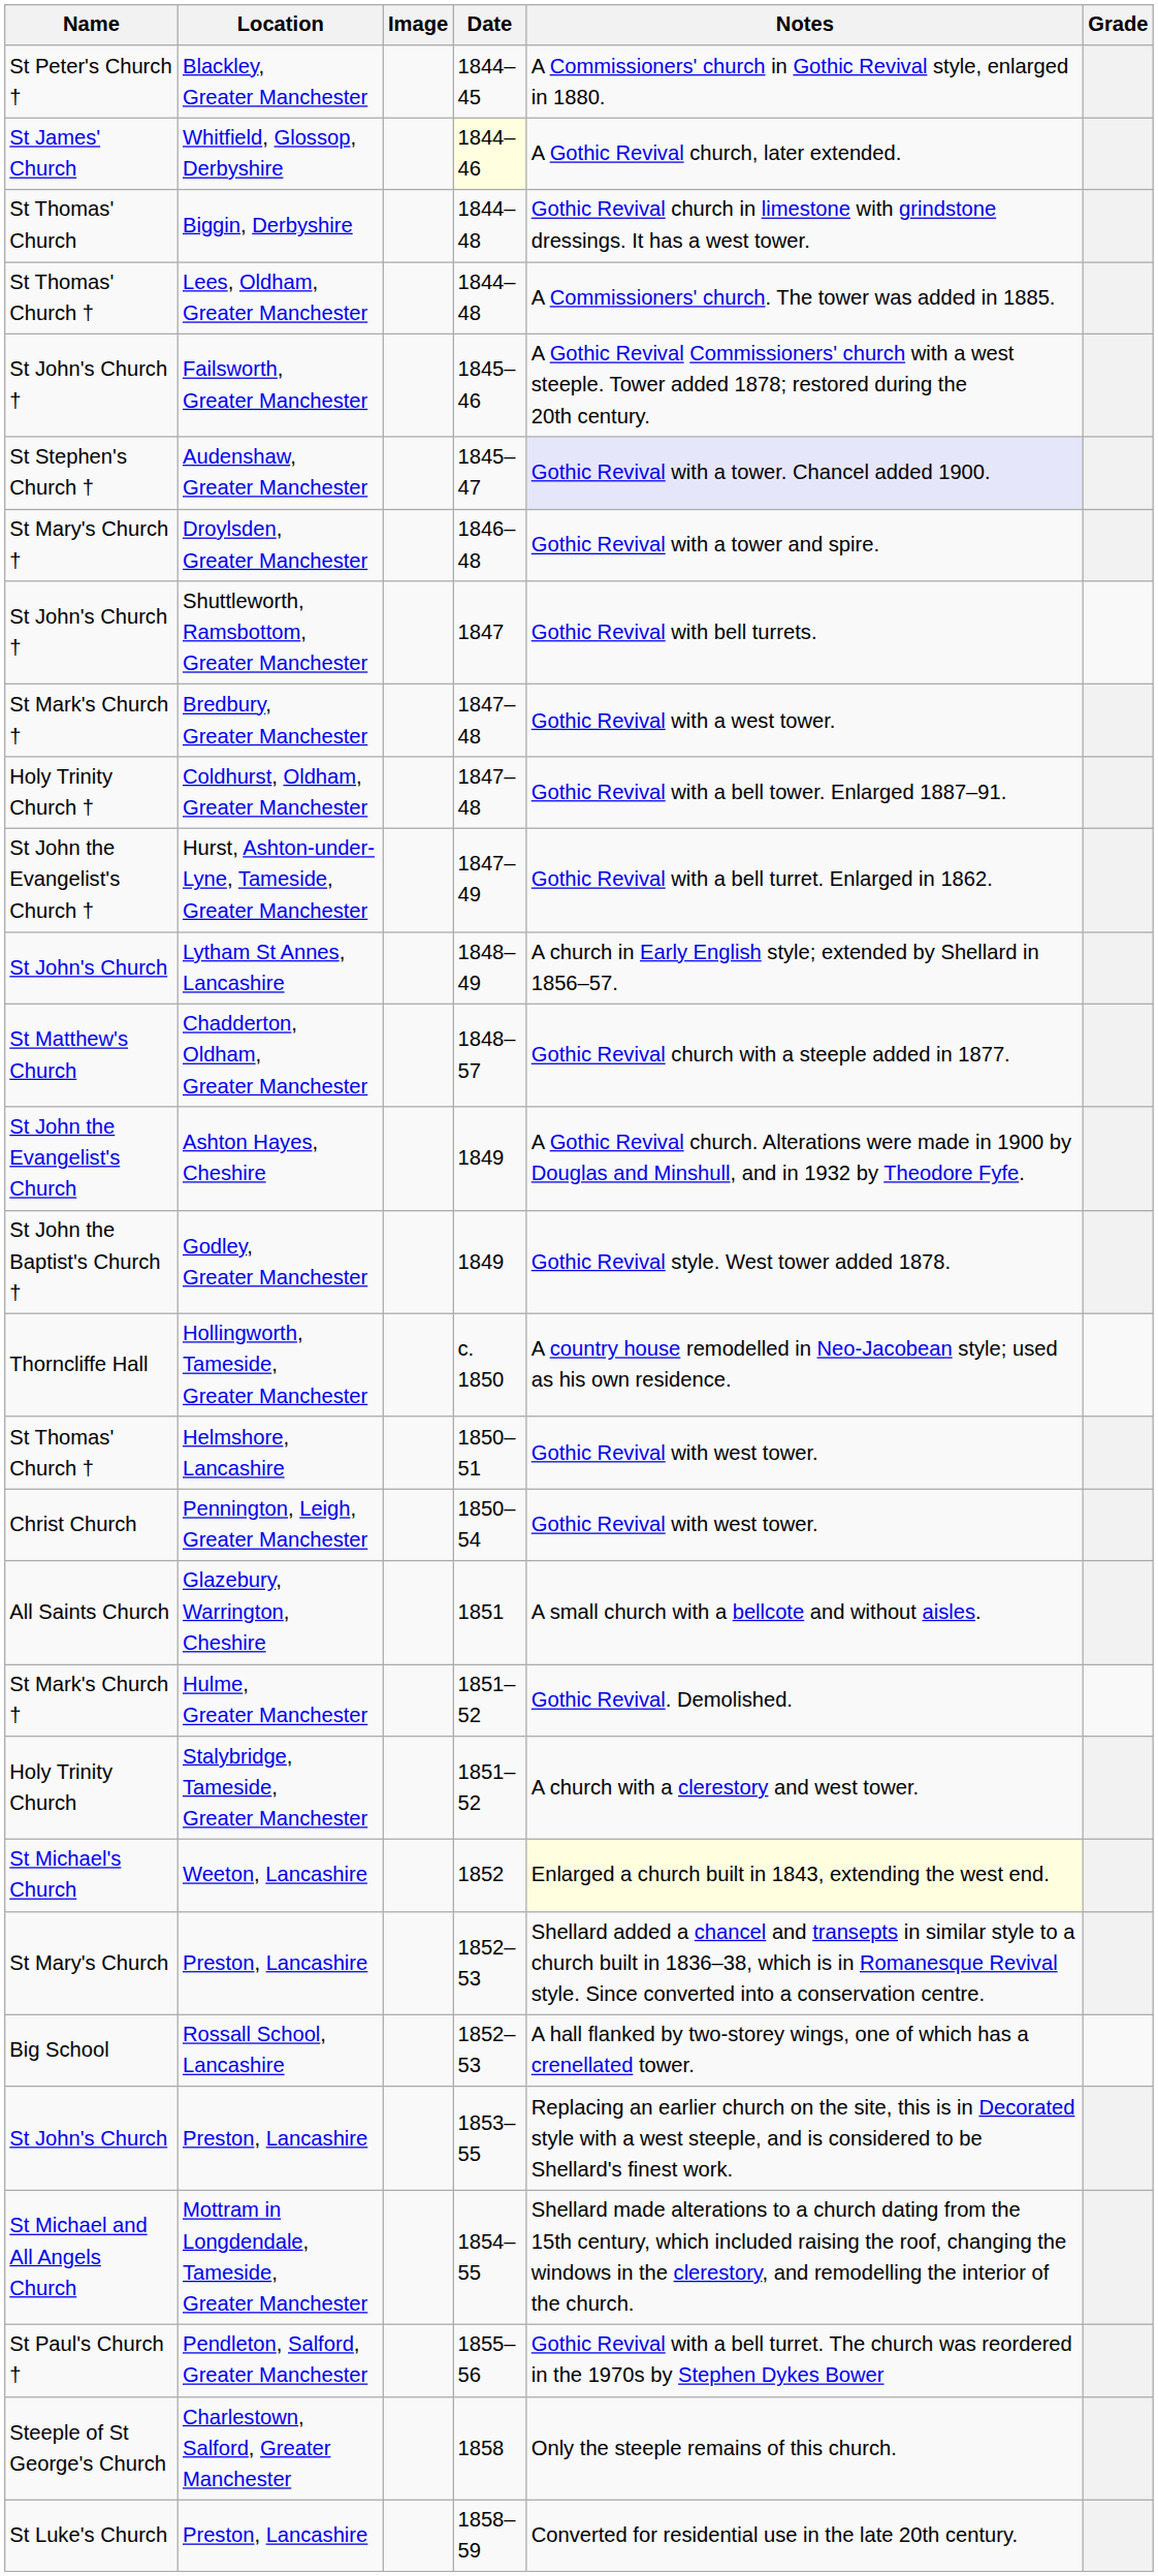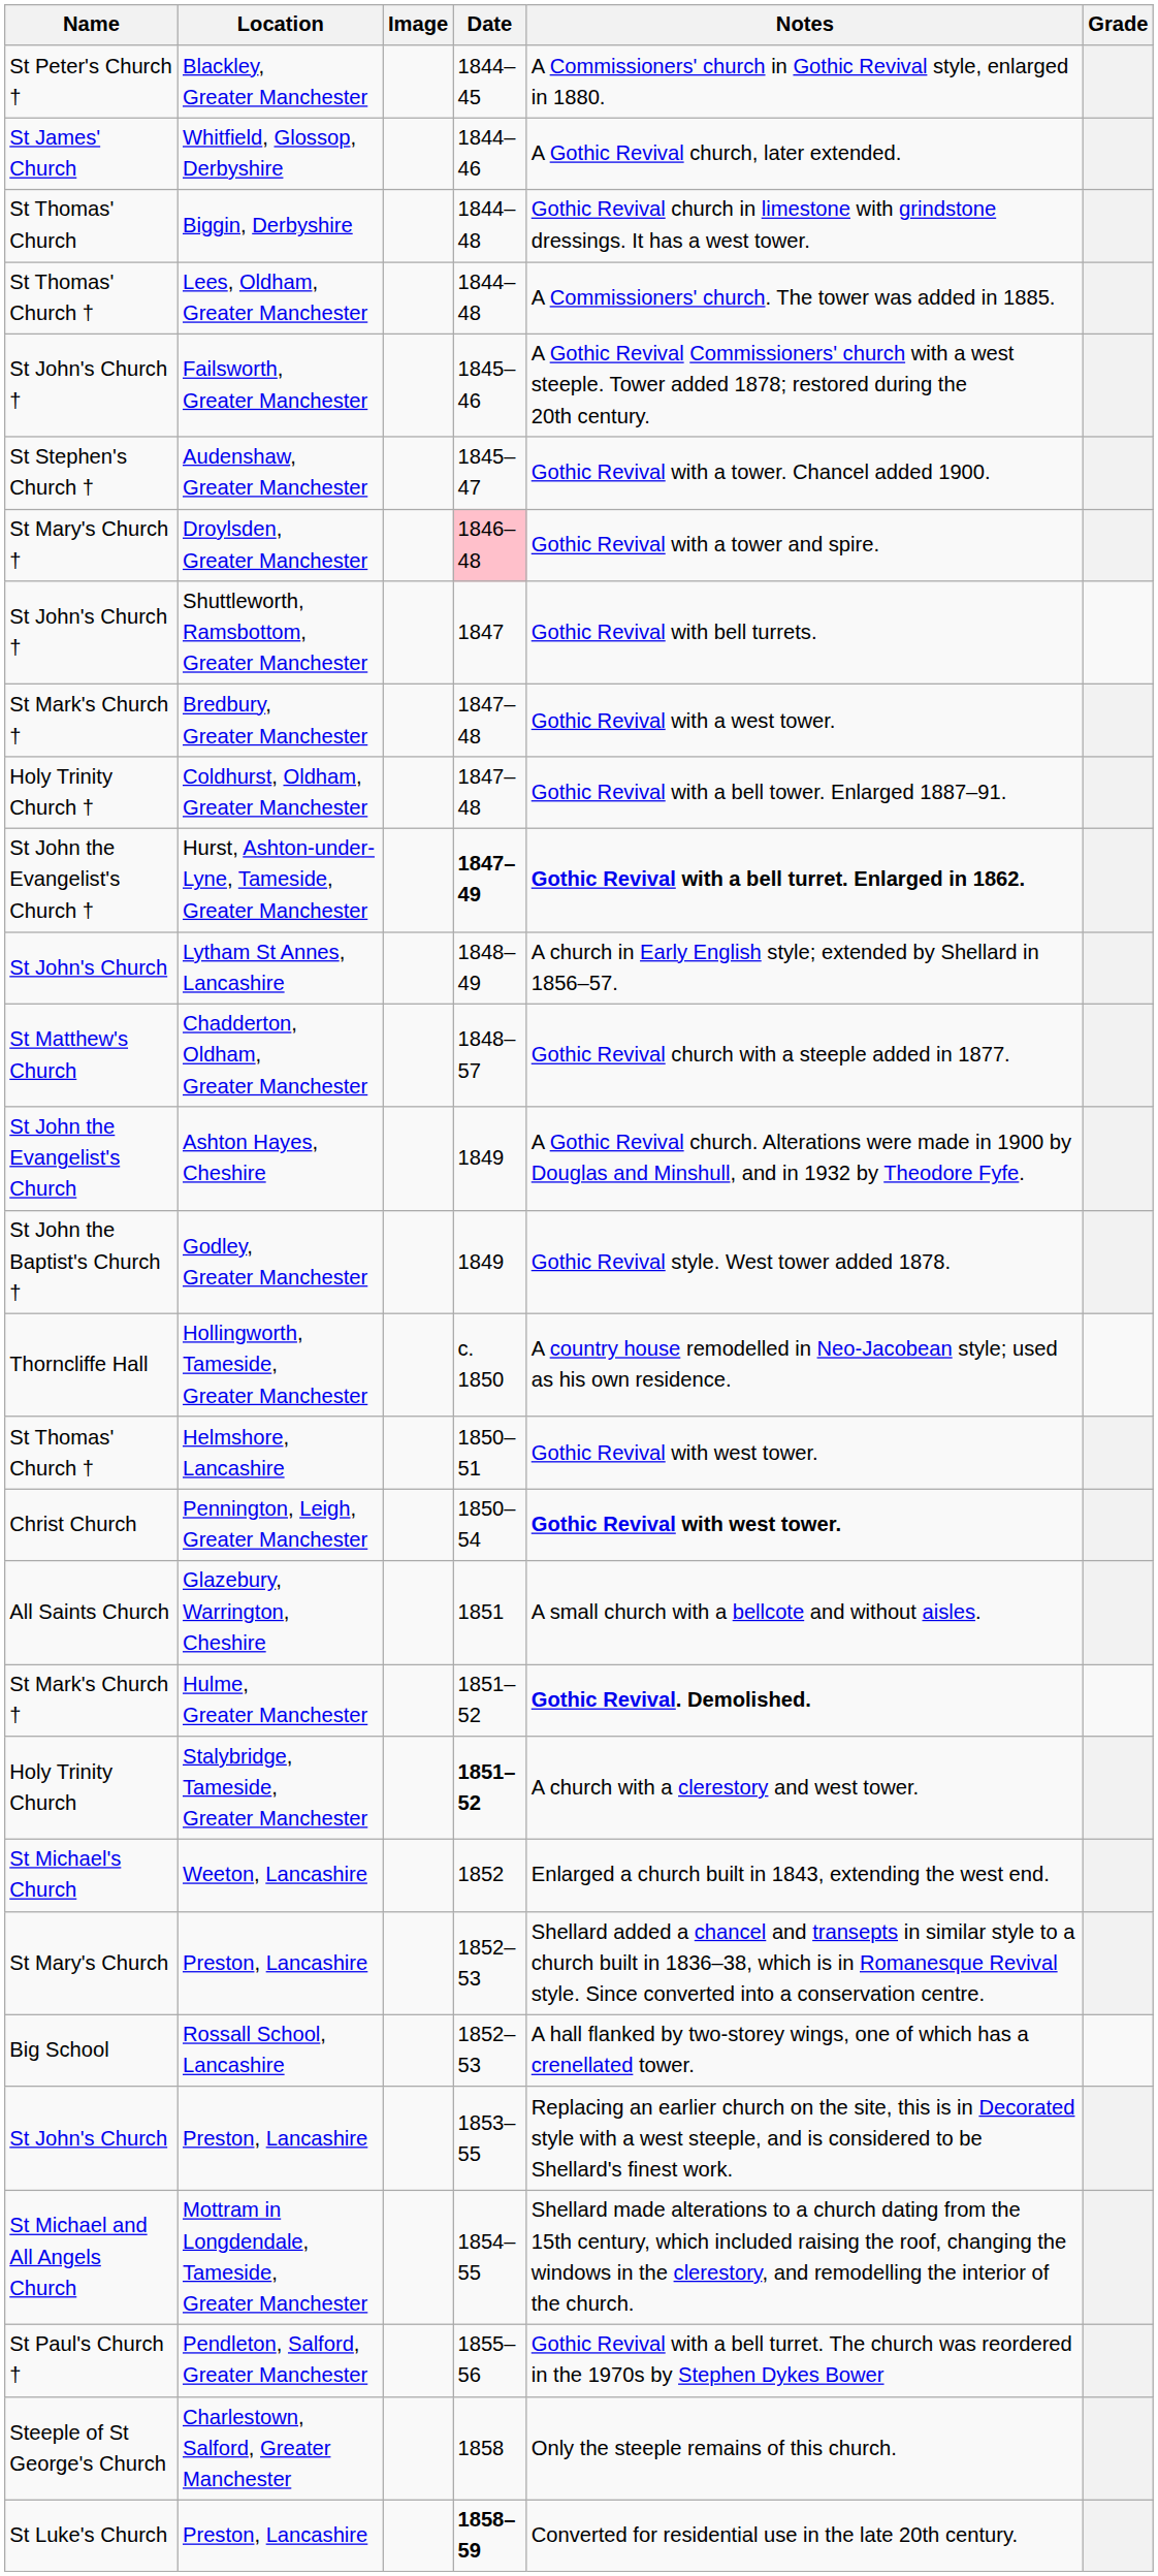 <table class="wikitable sortable plainrowheaders" style="width:100%;border:0px;text-align:left;line-height:150%;">
 <tr>
 <th style="col" style="width:120px">Name</th>
 <th style="col" style="width:150px">Location</th>
 <th style="col" style="width:100px" class="unsortable">Image</th>
 <th style="col" style="width:80px">Date</th>
 <th scope="col" class="unsortable">Notes</th>
 <th style="col" style="width:24px">Grade</th>
 </tr>
 <tr>
 <td>St Peter's Church †</td>
 <td><a href='#'>Blackley</a>,<br><a href='#'>Greater Manchester</a><br><small></small></td>
 <td></td>
 <td>1844–45</td>
 <td>A <a href='#'>Commissioners' church</a> in <a href='#'>Gothic Revival</a> style, enlarged in 1880.</td>
 <th></th>
 </tr>
 <tr>
 <td><a href='#'>St James' Church</a></td>
 <td><a href='#'>Whitfield</a>, <a href='#'>Glossop</a>, <a href='#'>Derbyshire</a><br><small></small></td>
 <td></td>
-<td style="background: lightyellow;">1844–46</td>
+<td>1844–46</td>
 <td>A <a href='#'>Gothic Revival</a> church, later extended.</td>
 <th></th>
 </tr>
 <tr>
 <td>St Thomas' Church</td>
 <td><a href='#'>Biggin</a>, <a href='#'>Derbyshire</a><br><small></small></td>
 <td></td>
 <td>1844–48</td>
 <td><a href='#'>Gothic Revival</a> church in <a href='#'>limestone</a> with <a href='#'>grindstone</a> dressings.  It has a west tower.</td>
 <th></th>
 </tr>
 <tr>
 <td>St Thomas' Church †</td>
 <td><a href='#'>Lees</a>, <a href='#'>Oldham</a>,<br><a href='#'>Greater Manchester</a><br><small></small></td>
 <td></td>
 <td>1844–48</td>
 <td>A <a href='#'>Commissioners' church</a>.  The tower was added in 1885.</td>
 <th></th>
 </tr>
 <tr>
 <td>St John's Church †</td>
 <td><a href='#'>Failsworth</a>,<br><a href='#'>Greater Manchester</a><br><small></small></td>
 <td></td>
 <td>1845–46</td>
 <td>A <a href='#'>Gothic Revival</a> <a href='#'>Commissioners' church</a> with a west steeple.  Tower added 1878; restored during the 20th century.</td>
 <th></th>
 </tr>
 <tr>
 <td>St Stephen's Church †</td>
 <td><a href='#'>Audenshaw</a>,<br><a href='#'>Greater Manchester</a><br><small></small></td>
 <td></td>
 <td>1845–47</td>
-<td style="background: lavender;"><a href='#'>Gothic Revival</a> with a tower.  Chancel added 1900.</td>
+<td><a href='#'>Gothic Revival</a> with a tower.  Chancel added 1900.</td>
 <th></th>
 </tr>
 <tr>
 <td>St Mary's Church †</td>
 <td><a href='#'>Droylsden</a>,<br><a href='#'>Greater Manchester</a><br><small></small></td>
 <td></td>
-<td>1846–48</td>
+<td style="background: pink;">1846–48</td>
 <td><a href='#'>Gothic Revival</a> with a tower and spire.</td>
 <th></th>
 </tr>
 <tr>
 <td>St John's Church †</td>
 <td>Shuttleworth, <a href='#'>Ramsbottom</a>,<br><a href='#'>Greater Manchester</a><br><small></small></td>
 <td></td>
 <td>1847</td>
 <td><a href='#'>Gothic Revival</a> with bell turrets.</td>
 <td></td>
 </tr>
 <tr>
 <td>St Mark's Church †</td>
 <td><a href='#'>Bredbury</a>,<br><a href='#'>Greater Manchester</a><br><small></small></td>
 <td></td>
 <td>1847–48</td>
 <td><a href='#'>Gothic Revival</a> with a west tower.</td>
 <th></th>
 </tr>
 <tr>
 <td>Holy Trinity Church †</td>
 <td><a href='#'>Coldhurst</a>, <a href='#'>Oldham</a>,<br><a href='#'>Greater Manchester</a><br><small></small></td>
 <td></td>
 <td>1847–48</td>
 <td><a href='#'>Gothic Revival</a> with a bell tower.  Enlarged 1887–91.</td>
 <th></th>
 </tr>
 <tr>
 <td>St John the Evangelist's Church †</td>
 <td>Hurst, <a href='#'>Ashton-under-Lyne</a>, <a href='#'>Tameside</a>,<br><a href='#'>Greater Manchester</a><br><small></small></td>
 <td></td>
-<td>1847–49</td>
-<td><a href='#'>Gothic Revival</a> with a bell turret.  Enlarged in 1862.</td>
+<td><strong>1847–49</strong></td>
+<td><strong><a href='#'>Gothic Revival</a> with a bell turret.  Enlarged in 1862.</strong></td>
 <th></th>
 </tr>
 <tr>
 <td><a href='#'>St John's Church</a></td>
 <td><a href='#'>Lytham St Annes</a>, <a href='#'>Lancashire</a><br><small></small></td>
 <td></td>
 <td>1848–49</td>
 <td>A church in <a href='#'>Early English</a> style; extended by Shellard in 1856–57.</td>
 <th></th>
 </tr>
 <tr>
 <td><a href='#'>St Matthew's Church</a></td>
 <td><a href='#'>Chadderton</a>, <a href='#'>Oldham</a>,<br><a href='#'>Greater Manchester</a><br><small></small></td>
 <td></td>
 <td>1848–57</td>
 <td><a href='#'>Gothic Revival</a> church with a steeple added in 1877.</td>
 <th></th>
 </tr>
 <tr>
 <td><a href='#'>St John the Evangelist's Church</a></td>
 <td><a href='#'>Ashton Hayes</a>, <a href='#'>Cheshire</a><br><small></small></td>
 <td></td>
 <td>1849</td>
 <td>A <a href='#'>Gothic Revival</a> church.  Alterations were made in 1900 by <a href='#'>Douglas and Minshull</a>, and in 1932 by <a href='#'>Theodore Fyfe</a>.</td>
 <th></th>
 </tr>
 <tr>
 <td>St John the Baptist's Church †</td>
 <td><a href='#'>Godley</a>,<br><a href='#'>Greater Manchester</a><br><small></small></td>
 <td></td>
 <td>1849</td>
 <td><a href='#'>Gothic Revival</a> style.  West tower added 1878.</td>
 <th></th>
 </tr>
 <tr>
 <td>Thorncliffe Hall</td>
 <td><a href='#'>Hollingworth</a>, <a href='#'>Tameside</a>,<br><a href='#'>Greater Manchester</a></td>
 <td></td>
 <td>c. 1850</td>
 <td>A <a href='#'>country house</a> remodelled in <a href='#'>Neo-Jacobean</a> style; used as his own residence.</td>
 <td></td>
 </tr>
 <tr>
 <td>St Thomas' Church †</td>
 <td><a href='#'>Helmshore</a>, <a href='#'>Lancashire</a><br><small></small></td>
 <td></td>
 <td>1850–51</td>
 <td><a href='#'>Gothic Revival</a> with west tower.</td>
 <th></th>
 </tr>
 <tr>
 <td>Christ Church</td>
 <td><a href='#'>Pennington</a>, <a href='#'>Leigh</a>,<br><a href='#'>Greater Manchester</a><br><small></small></td>
 <td></td>
 <td>1850–54</td>
-<td><a href='#'>Gothic Revival</a> with west tower.</td>
+<td><strong><a href='#'>Gothic Revival</a> with west tower.</strong></td>
 <th></th>
 </tr>
 <tr>
 <td>All Saints Church</td>
 <td><a href='#'>Glazebury</a>, <a href='#'>Warrington</a>, <a href='#'>Cheshire</a><br><small></small></td>
 <td></td>
 <td>1851</td>
 <td>A small church with a <a href='#'>bellcote</a> and without <a href='#'>aisles</a>.</td>
 <th></th>
 </tr>
 <tr>
 <td>St Mark's Church †</td>
 <td><a href='#'>Hulme</a>,<br><a href='#'>Greater Manchester</a></td>
 <td></td>
 <td>1851–52</td>
-<td><a href='#'>Gothic Revival</a>. Demolished.</td>
+<td><strong><a href='#'>Gothic Revival</a>. Demolished.</strong></td>
 <td></td>
 </tr>
 <tr>
 <td>Holy Trinity Church</td>
 <td><a href='#'>Stalybridge</a>, <a href='#'>Tameside</a>,<br><a href='#'>Greater Manchester</a><br><small></small></td>
 <td></td>
-<td>1851–52</td>
+<td><strong>1851–52</strong></td>
 <td>A church with a <a href='#'>clerestory</a> and west tower.</td>
 <th></th>
 </tr>
 <tr>
 <td><a href='#'>St Michael's Church</a></td>
 <td><a href='#'>Weeton</a>, <a href='#'>Lancashire</a><br><small></small></td>
 <td></td>
 <td>1852</td>
-<td style="background: lightyellow;">Enlarged a church built in 1843, extending the west end.</td>
+<td>Enlarged a church built in 1843, extending the west end.</td>
 <th></th>
 </tr>
 <tr>
 <td>St Mary's Church</td>
 <td><a href='#'>Preston</a>, <a href='#'>Lancashire</a><br><small></small></td>
 <td></td>
 <td>1852–53</td>
 <td>Shellard added a <a href='#'>chancel</a> and <a href='#'>transepts</a> in similar style to a church built in 1836–38, which is in <a href='#'>Romanesque Revival</a> style.  Since converted into a conservation centre.</td>
 <th></th>
 </tr>
 <tr>
 <td>Big School</td>
 <td><a href='#'>Rossall School</a>, <a href='#'>Lancashire</a></td>
 <td></td>
 <td>1852–53</td>
 <td>A hall flanked by two-storey wings, one of which has a <a href='#'>crenellated</a> tower.</td>
 <td></td>
 </tr>
 <tr>
 <td><a href='#'>St John's Church</a></td>
 <td><a href='#'>Preston</a>, <a href='#'>Lancashire</a><br><small></small></td>
 <td></td>
 <td>1853–55</td>
 <td>Replacing an earlier church on the site, this is in <a href='#'>Decorated</a> style with a west steeple, and is considered to be Shellard's finest work.</td>
 <th></th>
 </tr>
 <tr>
 <td><a href='#'>St Michael and All Angels Church</a></td>
 <td><a href='#'>Mottram in Longdendale</a>, <a href='#'>Tameside</a>,<br><a href='#'>Greater Manchester</a><br><small></small></td>
 <td></td>
 <td>1854–55</td>
 <td>Shellard made alterations to a church dating from the 15th century, which included raising the roof, changing the windows in the <a href='#'>clerestory</a>, and remodelling the interior of the church.</td>
 <th></th>
 </tr>
 <tr>
 <td>St Paul's Church †</td>
 <td><a href='#'>Pendleton</a>, <a href='#'>Salford</a>,<br><a href='#'>Greater Manchester</a><br><small></small></td>
 <td></td>
 <td>1855–56</td>
 <td><a href='#'>Gothic Revival</a> with a bell turret.  The church was reordered in the 1970s by <a href='#'>Stephen Dykes Bower</a></td>
 <th></th>
 </tr>
 <tr>
 <td>Steeple of St George's Church</td>
 <td><a href='#'>Charlestown</a>, <a href='#'>Salford</a>, <a href='#'>Greater Manchester</a><br><small></small></td>
 <td></td>
 <td>1858</td>
 <td>Only the steeple remains of this church.</td>
 <th></th>
 </tr>
 <tr>
 <td>St Luke's Church</td>
 <td><a href='#'>Preston</a>, <a href='#'>Lancashire</a><br><small></small></td>
 <td></td>
-<td>1858–59</td>
+<td><strong>1858–59</strong></td>
 <td>Converted for residential use in the late 20th century.</td>
 <th></th>
 </tr>
 <tr>
 </tr>
 </table>
